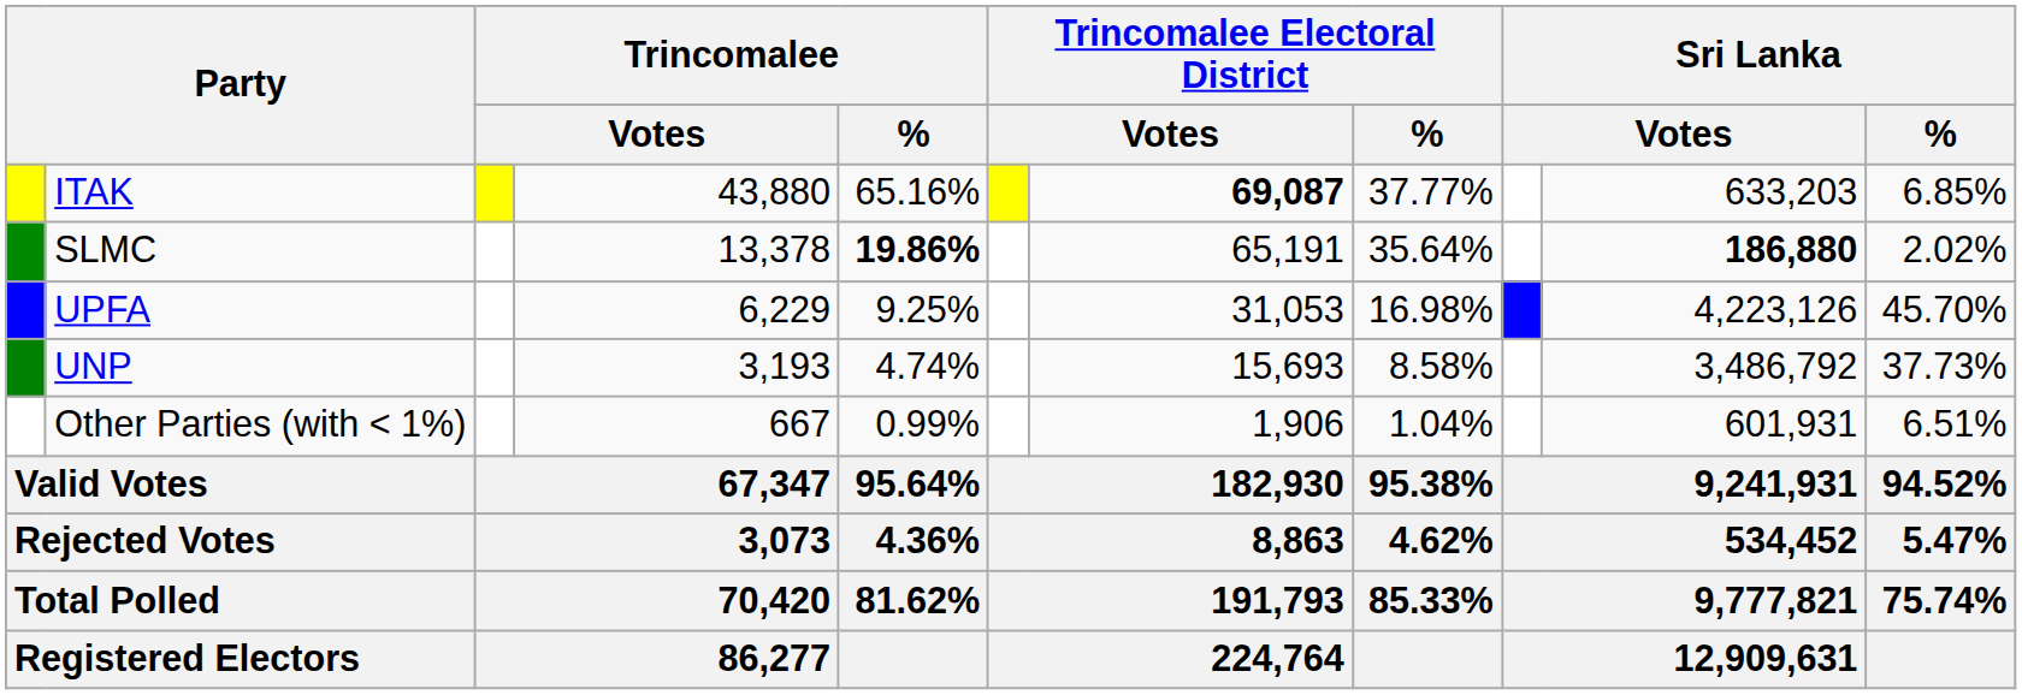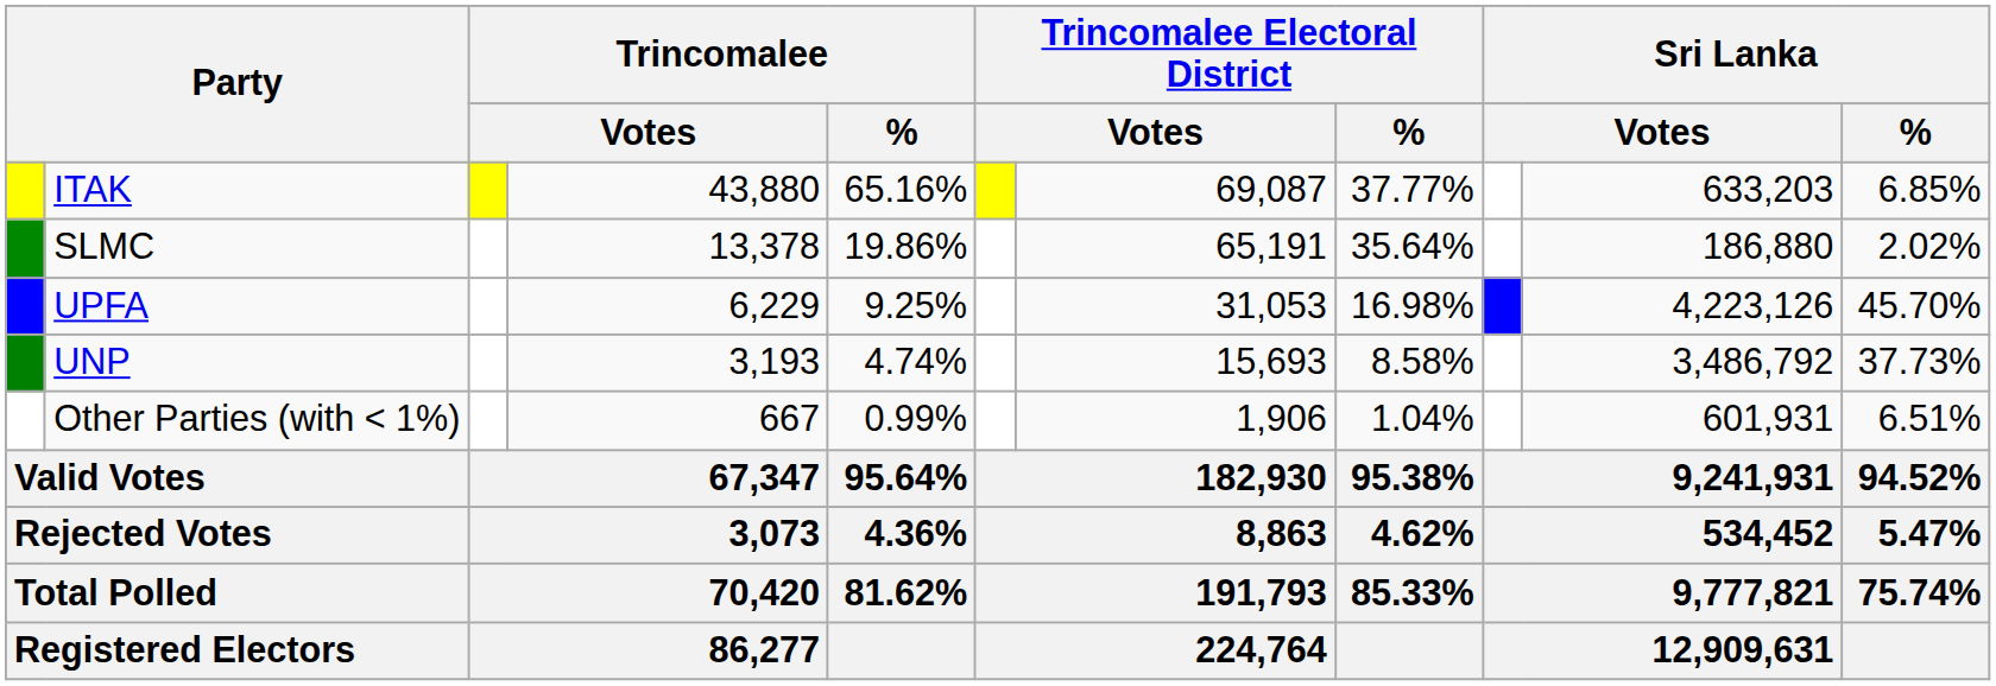 <table class="wikitable">
 <tr>
 <th colspan="2" width="144px"rowspan="2">Party</th>
 <th colspan="3" width="216px">Trincomalee</th>
 <th colspan="3" width="216px"><a href='#'>Trincomalee Electoral District</a></th>
 <th colspan="3" width="216px">Sri Lanka</th>
 </tr>
 <tr>
 <th colspan="2" width="144px">Votes</th>
 <th>%</th>
 <th colspan="2" width="144px">Votes</th>
 <th>%</th>
 <th colspan="2" width="144px">Votes</th>
 <th>%</th>
 </tr>
 <tr>
 <td style="background-color:yellow;" width="10px"></td>
 <td style="text-align:left;"><a href='#'>ITAK</a></td>
 <td style="background-color:yellow;" width="10px"></td>
 <td style="text-align:right;">43,880</td>
 <td style="text-align:right;">65.16%</td>
 <td style="background-color:yellow;" width="10px"></td>
-<td style="text-align:right;"><strong>69,087</strong></td>
+<td style="text-align:right;">69,087</td>
 <td style="text-align:right;">37.77%</td>
 <td style="background-color:white;" width="10px"></td>
 <td style="text-align:right;">633,203</td>
 <td style="text-align:right;">6.85%</td>
 </tr>
 <tr>
 <td style="background-color:#008800;" width="10px"></td>
 <td style="text-align:left;">SLMC</td>
 <td style="background-color:white;" width="10px"></td>
 <td style="text-align:right;">13,378</td>
-<td style="text-align:right;"><strong>19.86%</strong></td>
+<td style="text-align:right;">19.86%</td>
 <td style="background-color:white;" width="10px"></td>
 <td style="text-align:right;">65,191</td>
 <td style="text-align:right;">35.64%</td>
 <td style="background-color:white;" width="10px"></td>
-<td style="text-align:right;"><strong>186,880</strong></td>
+<td style="text-align:right;">186,880</td>
 <td style="text-align:right;">2.02%</td>
 </tr>
 <tr>
 <td style="background-color:blue;" width="10px"></td>
 <td style="text-align:left;"><a href='#'>UPFA</a></td>
 <td style="background-color:white;" width="10px"></td>
 <td style="text-align:right;">6,229</td>
 <td style="text-align:right;">9.25%</td>
 <td style="background-color:white;" width="10px"></td>
 <td style="text-align:right;">31,053</td>
 <td style="text-align:right;">16.98%</td>
 <td style="background-color:blue;" width="10px"></td>
 <td style="text-align:right;">4,223,126</td>
 <td style="text-align:right;">45.70%</td>
 </tr>
 <tr>
 <td style="background-color:green;" width="10px"></td>
 <td style="text-align:left;"><a href='#'>UNP</a></td>
 <td style="background-color:white;" width="10px"></td>
 <td style="text-align:right;">3,193</td>
 <td style="text-align:right;">4.74%</td>
 <td style="background-color:white;" width="10px"></td>
 <td style="text-align:right;">15,693</td>
 <td style="text-align:right;">8.58%</td>
 <td style="background-color:white;" width="10px"></td>
 <td style="text-align:right;">3,486,792</td>
 <td style="text-align:right;">37.73%</td>
 </tr>
 <tr>
 <td style="background-color:white;" width="10px"></td>
 <td style="text-align:left;">Other Parties (with < 1%)</td>
 <td style="background-color:white;" width="10px"></td>
 <td style="text-align:right;">667</td>
 <td style="text-align:right;">0.99%</td>
 <td style="background-color:white;" width="10px"></td>
 <td style="text-align:right;">1,906</td>
 <td style="text-align:right;">1.04%</td>
 <td style="background-color:white;" width="10px"></td>
 <td style="text-align:right;">601,931</td>
 <td style="text-align:right;">6.51%</td>
 </tr>
 <tr>
 <th colspan="2" width="144px"style="text-align:left;">Valid Votes</th>
 <th style="text-align:right;"colspan="2" width="144px">67,347</th>
 <th style="text-align:right;">95.64%</th>
 <th style="text-align:right;"colspan="2" width="144px">182,930</th>
 <th style="text-align:right;">95.38%</th>
 <th style="text-align:right;"colspan="2" width="144px">9,241,931</th>
 <th style="text-align:right;">94.52%</th>
 </tr>
 <tr>
 <th colspan="2" width="144px"style="text-align:left;">Rejected Votes</th>
 <th style="text-align:right;"colspan="2" width="144px">3,073</th>
 <th style="text-align:right;">4.36%</th>
 <th style="text-align:right;"colspan="2" width="144px">8,863</th>
 <th style="text-align:right;">4.62%</th>
 <th style="text-align:right;"colspan="2" width="144px">534,452</th>
 <th style="text-align:right;">5.47%</th>
 </tr>
 <tr>
 <th colspan="2" width="144px"style="text-align:left;">Total Polled</th>
 <th style="text-align:right;"colspan="2" width="144px">70,420</th>
 <th style="text-align:right;">81.62%</th>
 <th style="text-align:right;"colspan="2" width="144px">191,793</th>
 <th style="text-align:right;">85.33%</th>
 <th style="text-align:right;"colspan="2" width="144px">9,777,821</th>
 <th style="text-align:right;">75.74%</th>
 </tr>
 <tr>
 <th colspan="2" width="144px"style="text-align:left;">Registered Electors</th>
 <th style="text-align:right;"colspan="2" width="144px">86,277</th>
 <th></th>
 <th style="text-align:right;"colspan="2" width="144px">224,764</th>
 <th></th>
 <th style="text-align:right;"colspan="2" width="144px">12,909,631</th>
 <th></th>
 </tr>
 </table>
